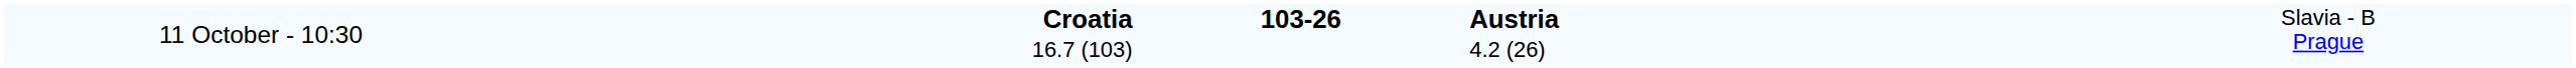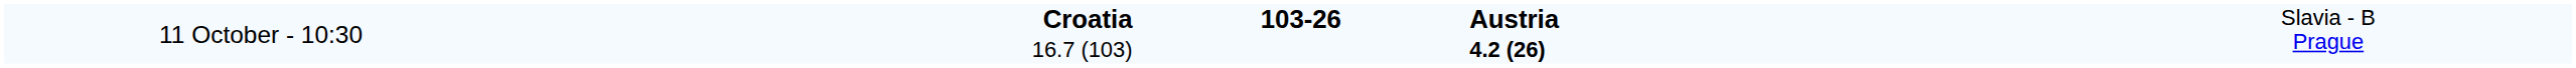 <table style="width: 100%; background:#F5FAFF;" cellspacing="0">
 <tr>
 <td style=font-size:95% align=center rowspan=3 width=20%>11 October - 10:30</td>
 </tr>
 <tr>
 <td width=24% align=right><strong>Croatia</strong></td>
 <td align=center width=13%><strong>103-26</strong></td>
 <td width=24%><strong>Austria</strong></td>
 <td style=font-size:85% rowspan=3 valign=top align=center>Slavia - B <br><a href='#'>Prague</a></td>
 </tr>
 <tr style=font-size:85%>
 <td align=right>16.7 (103)</td>
 <td align=center></td>
-<td>4.2 (26)</td>
+<td><strong>4.2 (26)</strong></td>
 </tr>
 </table>
